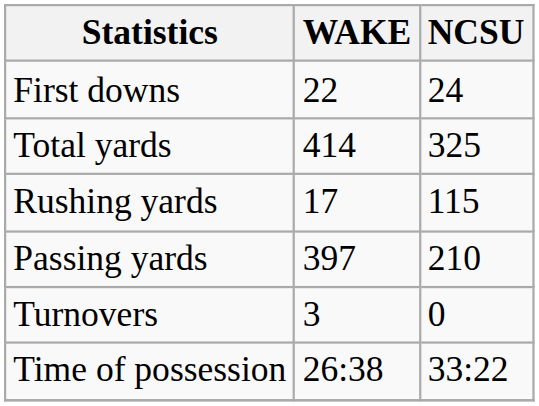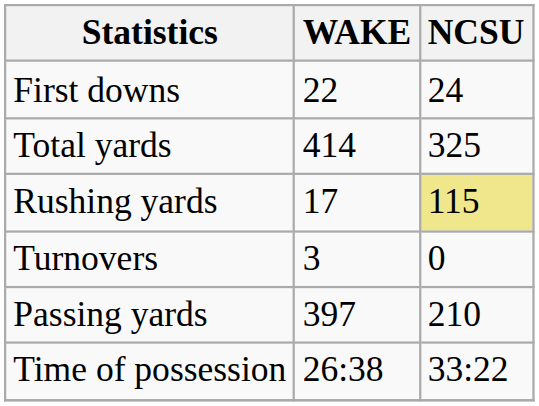 <table class="wikitable">
 <tr>
 <th>Statistics</th>
 <th>WAKE</th>
 <th>NCSU</th>
 </tr>
 <tr>
 <td>First downs</td>
 <td>22</td>
 <td>24</td>
 </tr>
 <tr>
 <td>Total yards</td>
 <td>414</td>
 <td>325</td>
 </tr>
 <tr>
 <td>Rushing yards</td>
 <td>17</td>
-<td>115</td>
+<td style="background: khaki;">115</td>
+</tr>
+<tr>
+<td>Turnovers</td>
+<td>3</td>
+<td>0</td>
 </tr>
 <tr>
 <td>Passing yards</td>
 <td>397</td>
 <td>210</td>
-</tr>
-<tr>
-<td>Turnovers</td>
-<td>3</td>
-<td>0</td>
 </tr>
 <tr>
 <td>Time of possession</td>
 <td>26:38</td>
 <td>33:22</td>
 </tr>
 <tr>
 </tr>
 </table>
